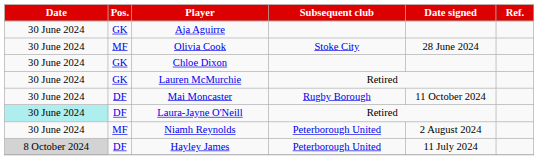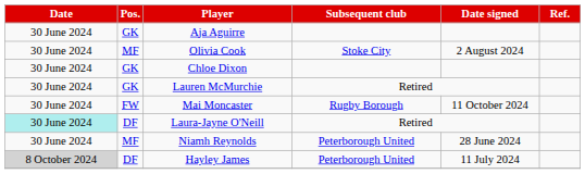 <table class="wikitable" style="text-align:center;">
 <tr>
 <th style="background:#DD0000; color:#FFFFFF; width:150px;">Date</th>
 <th style="background:#DD0000; color:#FFFFFF; width:20px;">Pos.</th>
 <th style="background:#DD0000; color:#FFFFFF; width:200px;">Player</th>
 <th style="background:#DD0000; color:#FFFFFF; width:200px;">Subsequent club</th>
 <th style="background:#DD0000; color:#FFFFFF; width:130px;">Date signed</th>
 <th style="background:#DD0000; color:#FFFFFF; width:50px;">Ref.</th>
 </tr>
 <tr>
 <td>30 June 2024</td>
 <td><a href='#'>GK</a></td>
 <td><a href='#'>Aja Aguirre</a></td>
 <td></td>
 <td></td>
 <td></td>
 </tr>
 <tr>
 <td>30 June 2024</td>
 <td><a href='#'>MF</a></td>
 <td><a href='#'>Olivia Cook</a></td>
 <td><a href='#'>Stoke City</a></td>
-<td>28 June 2024</td>
+<td>2 August 2024</td>
 <td></td>
 </tr>
 <tr>
 <td>30 June 2024</td>
 <td><a href='#'>GK</a></td>
 <td><a href='#'>Chloe Dixon</a></td>
 <td></td>
 <td></td>
 <td></td>
 </tr>
 <tr>
 <td>30 June 2024</td>
 <td><a href='#'>GK</a></td>
 <td><a href='#'>Lauren McMurchie</a></td>
 <td colspan="2" align=center>Retired</td>
 <td></td>
 </tr>
 <tr>
 <td>30 June 2024</td>
-<td><a href='#'>DF</a></td>
+<td><a href='#'>FW</a></td>
 <td><a href='#'>Mai Moncaster</a></td>
 <td><a href='#'>Rugby Borough</a></td>
 <td>11 October 2024</td>
 <td></td>
 </tr>
 <tr>
 <td style="background: paleturquoise;">30 June 2024</td>
 <td><a href='#'>DF</a></td>
 <td><a href='#'>Laura-Jayne O'Neill</a></td>
 <td colspan="2" align=center>Retired</td>
 <td></td>
 </tr>
 <tr>
 <td>30 June 2024</td>
 <td><a href='#'>MF</a></td>
 <td><a href='#'>Niamh Reynolds</a></td>
 <td><a href='#'>Peterborough United</a></td>
-<td>2 August 2024</td>
+<td>28 June 2024</td>
 <td></td>
 </tr>
 <tr>
 <td style="background: lightgrey;">8 October 2024</td>
 <td><a href='#'>DF</a></td>
 <td><a href='#'>Hayley James</a></td>
 <td><a href='#'>Peterborough United</a></td>
 <td>11 July 2024</td>
 <td></td>
 </tr>
 <tr>
 </tr>
 </table>
